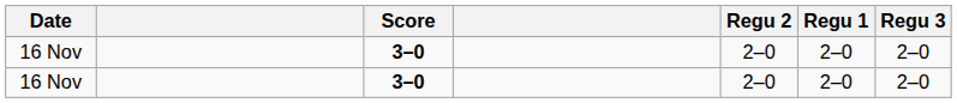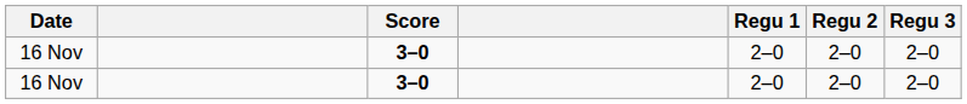 <table class="wikitable" style="text-align: center; font-size:90% ">
 <tr>
 <th width="60">Date</th>
 <th align="right" width="190"></th>
 <th width="60">Score</th>
 <th align="left" width="190"></th>
+<th width="50">Regu 1</th>
 <th width="50">Regu 2</th>
-<th width="50">Regu 1</th>
 <th width="50">Regu 3</th>
 </tr>
 <tr>
 <td>16 Nov</td>
 <td align=right><strong></strong></td>
 <td align=center><strong>3–0</strong></td>
 <td align=left></td>
 <td>2–0</td>
 <td>2–0</td>
 <td>2–0</td>
 </tr>
 <tr>
 <td>16 Nov</td>
 <td align=right><strong></strong></td>
 <td align=center><strong>3–0</strong></td>
 <td align=left></td>
 <td>2–0</td>
 <td>2–0</td>
 <td>2–0</td>
 </tr>
 </table>
